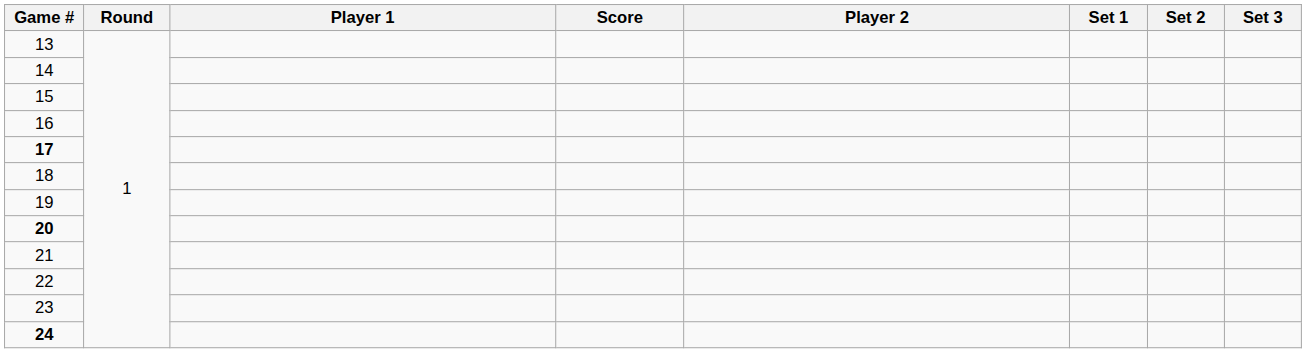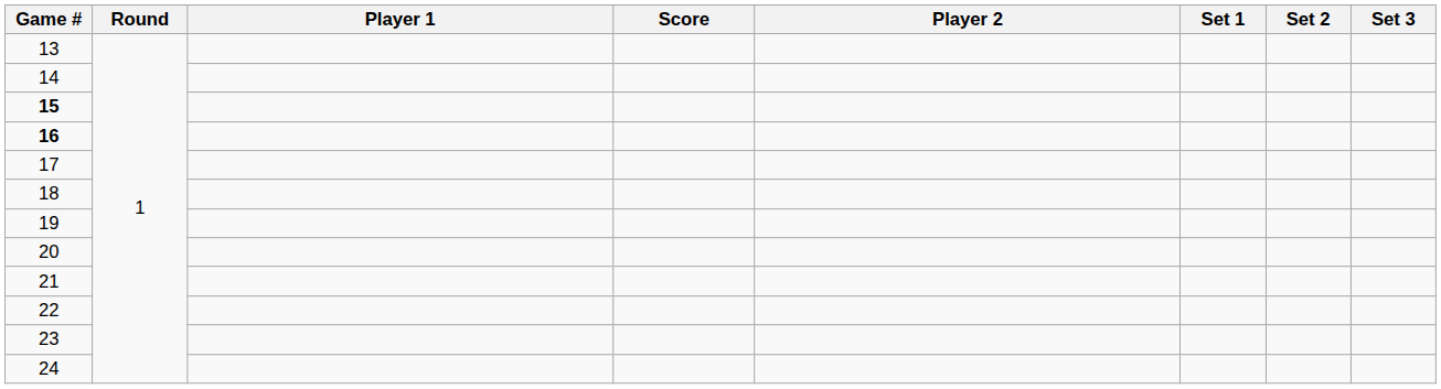 <table class="wikitable">
 <tr>
 <th width="2%">Game #</th>
 <th width="2%">Round</th>
 <th width="15%">Player 1</th>
 <th width="5%">Score</th>
 <th width="15%">Player 2</th>
 <th width="3%">Set 1</th>
 <th width="3%">Set 2</th>
 <th width="3%">Set 3</th>
 </tr>
 <tr style=text-align:center;>
 <td>13</td>
 <td rowspan=12>1</td>
 <td></td>
 <td></td>
 <td></td>
 <td></td>
 <td></td>
 <td></td>
 </tr>
 <tr style=text-align:center;>
 <td>14</td>
 <td></td>
 <td></td>
 <td></td>
 <td></td>
 <td></td>
 <td></td>
 </tr>
 <tr style=text-align:center;>
-<td>15</td>
+<td><strong>15</strong></td>
 <td></td>
 <td></td>
 <td></td>
 <td></td>
 <td></td>
 <td></td>
 </tr>
 <tr style=text-align:center;>
-<td>16</td>
+<td><strong>16</strong></td>
 <td></td>
 <td></td>
 <td></td>
 <td></td>
 <td></td>
 <td></td>
 </tr>
 <tr style=text-align:center;>
-<td><strong>17</strong></td>
+<td>17</td>
 <td></td>
 <td></td>
 <td></td>
 <td></td>
 <td></td>
 <td></td>
 </tr>
 <tr style=text-align:center;>
 <td>18</td>
 <td></td>
 <td></td>
 <td></td>
 <td></td>
 <td></td>
 <td></td>
 </tr>
 <tr style=text-align:center;>
 <td>19</td>
 <td></td>
 <td></td>
 <td></td>
 <td></td>
 <td></td>
 <td></td>
 </tr>
 <tr style=text-align:center;>
-<td><strong>20</strong></td>
+<td>20</td>
 <td></td>
 <td></td>
 <td></td>
 <td></td>
 <td></td>
 <td></td>
 </tr>
 <tr style=text-align:center;>
 <td>21</td>
 <td></td>
 <td></td>
 <td></td>
 <td></td>
 <td></td>
 <td></td>
 </tr>
 <tr style=text-align:center;>
 <td>22</td>
 <td></td>
 <td></td>
 <td></td>
 <td></td>
 <td></td>
 <td></td>
 </tr>
 <tr style=text-align:center;>
 <td>23</td>
 <td></td>
 <td></td>
 <td></td>
 <td></td>
 <td></td>
 <td></td>
 </tr>
 <tr style=text-align:center;>
-<td><strong>24</strong></td>
+<td>24</td>
 <td></td>
 <td></td>
 <td></td>
 <td></td>
 <td></td>
 <td></td>
 </tr>
 </table>
